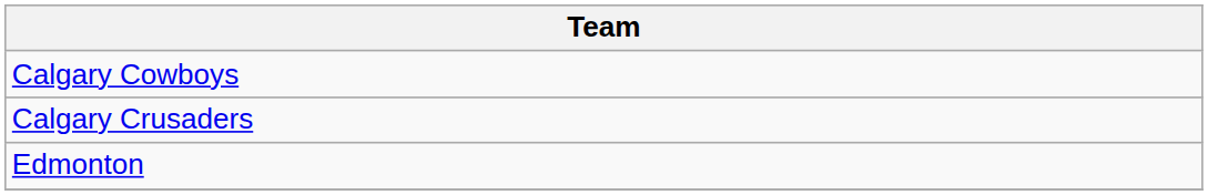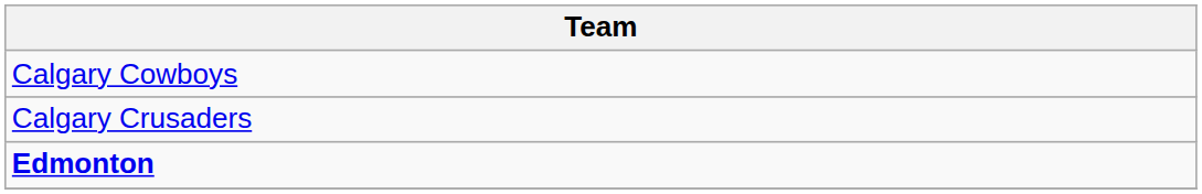 <table style="width:75%;" class="wikitable sortable">
 <tr>
 <th>Team</th>
 </tr>
 <tr>
 <td><a href='#'>Calgary Cowboys</a></td>
 </tr>
 <tr>
 <td><a href='#'>Calgary Crusaders</a></td>
 </tr>
 <tr>
-<td><a href='#'>Edmonton</a></td>
+<td><strong><a href='#'>Edmonton</a></strong></td>
 </tr>
 <tr>
 </tr>
 </table>
